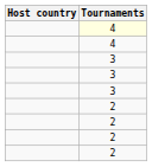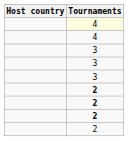 <table class="wikitable sortable">
 <tr bgcolor="#efefef" align=left>
 <th>Host country</th>
 <th>Tournaments</th>
 </tr>
 <tr align=center>
 <td align="left"></td>
 <td style="background: lightyellow;">4</td>
 </tr>
 <tr align=center>
 <td align="left"></td>
 <td>4</td>
 </tr>
 <tr align=center>
 <td align="left"></td>
 <td>3</td>
 </tr>
 <tr align=center>
 <td align="left"></td>
 <td>3</td>
 </tr>
 <tr align=center>
 <td align="left"></td>
 <td>3</td>
 </tr>
 <tr align=center>
 <td align="left"></td>
-<td>2</td>
+<td><strong>2</strong></td>
 </tr>
 <tr align=center>
 <td align="left"></td>
-<td>2</td>
+<td><strong>2</strong></td>
 </tr>
 <tr align=center>
 <td align="left"></td>
-<td>2</td>
+<td><strong>2</strong></td>
 </tr>
 <tr align=center>
 <td align="left"></td>
 <td>2</td>
 </tr>
 </table>
